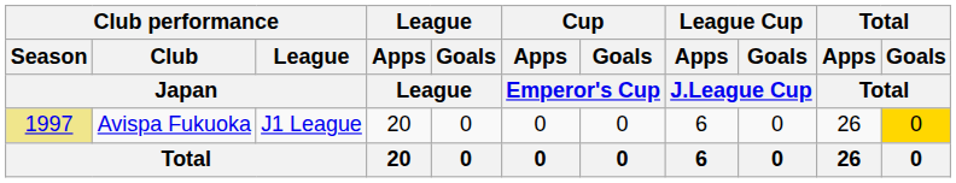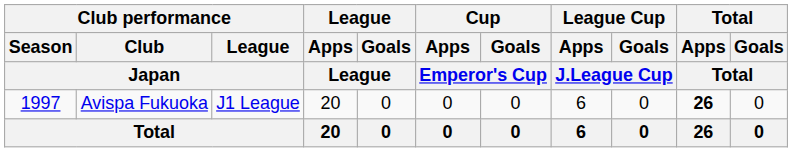 <table class="wikitable" style="text-align:center;">
 <tr>
 <th colspan=3>Club performance</th>
 <th colspan=2>League</th>
 <th colspan=2>Cup</th>
 <th colspan=2>League Cup</th>
 <th colspan=2>Total</th>
 </tr>
 <tr>
 <th>Season</th>
 <th>Club</th>
 <th>League</th>
 <th>Apps</th>
 <th>Goals</th>
 <th>Apps</th>
 <th>Goals</th>
 <th>Apps</th>
 <th>Goals</th>
 <th>Apps</th>
 <th>Goals</th>
 </tr>
 <tr>
 <th colspan=3>Japan</th>
 <th colspan=2>League</th>
 <th colspan=2><a href='#'>Emperor's Cup</a></th>
 <th colspan=2><a href='#'>J.League Cup</a></th>
 <th colspan=2>Total</th>
 </tr>
 <tr>
-<td style="background: khaki;"><a href='#'>1997</a></td>
+<td><a href='#'>1997</a></td>
 <td><a href='#'>Avispa Fukuoka</a></td>
 <td><a href='#'>J1 League</a></td>
 <td>20</td>
 <td>0</td>
 <td>0</td>
 <td>0</td>
 <td>6</td>
 <td>0</td>
-<td>26</td>
-<td style="background: gold;">0</td>
+<td><strong>26</strong></td>
+<td>0</td>
 </tr>
 <tr>
 <th colspan=3>Total</th>
 <th>20</th>
 <th>0</th>
 <th>0</th>
 <th>0</th>
 <th>6</th>
 <th>0</th>
 <th>26</th>
 <th>0</th>
 </tr>
 </table>
